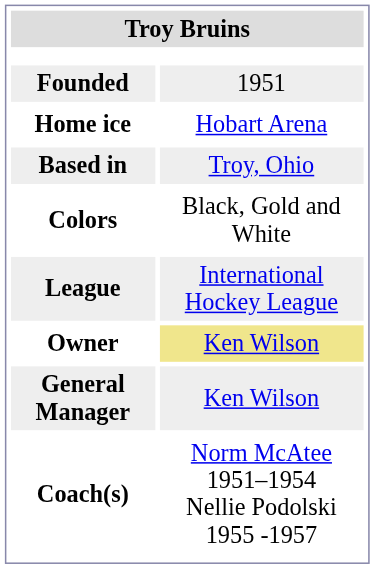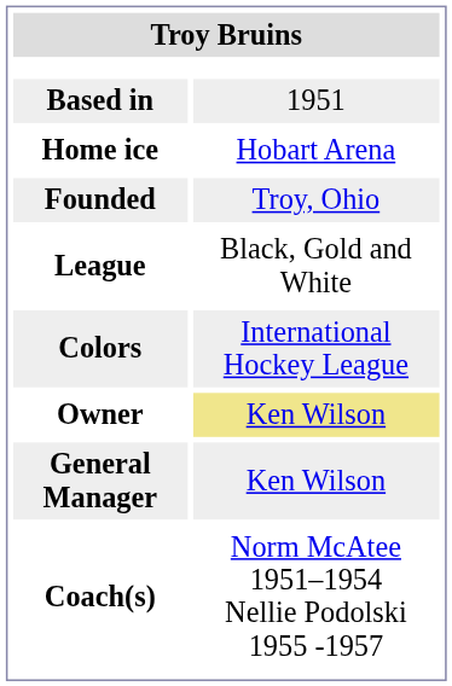 <table style="margin:5px; border:1px solid #8888AA;" align=right cellpadding=3 cellspacing=3 width=240>
 <tr align="center" bgcolor="#dddddd">
 <td colspan=2><strong>Troy Bruins</strong></td>
 </tr>
 <tr align="center">
 <td colspan=2></td>
 </tr>
 <tr align="center" bgcolor="#eeeeee">
-<td><strong>Founded</strong></td>
+<td><strong>Based in</strong></td>
 <td>1951</td>
 </tr>
 <tr align="center">
 <td><strong>Home ice</strong></td>
 <td><a href='#'>Hobart Arena</a></td>
 </tr>
 <tr align="center" bgcolor="#eeeeee">
-<td><strong>Based in</strong></td>
+<td><strong>Founded</strong></td>
 <td><a href='#'>Troy, Ohio</a></td>
 </tr>
 <tr align="center">
-<td><strong>Colors</strong></td>
+<td><strong>League</strong></td>
 <td>Black, Gold and White</td>
 </tr>
 <tr align="center" bgcolor="#eeeeee">
-<td><strong>League</strong></td>
+<td><strong>Colors</strong></td>
 <td><a href='#'>International Hockey League</a></td>
 </tr>
 <tr align="center">
 <td><strong>Owner</strong></td>
 <td style="background: khaki;"><a href='#'>Ken Wilson</a></td>
 </tr>
 <tr align="center" bgcolor="#eeeeee">
 <td><strong>General Manager</strong></td>
 <td><a href='#'>Ken Wilson</a></td>
 </tr>
 <tr align="center">
 <td><strong>Coach(s)</strong></td>
 <td><a href='#'>Norm McAtee</a><br>1951–1954<br> Nellie Podolski<br> 1955 -1957</td>
 </tr>
 <tr align="center">
 </tr>
 </table>
